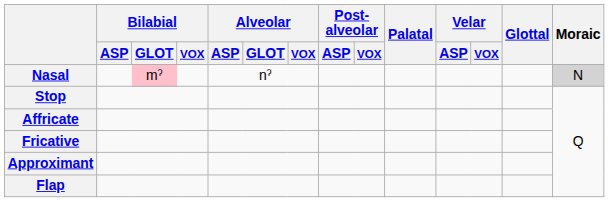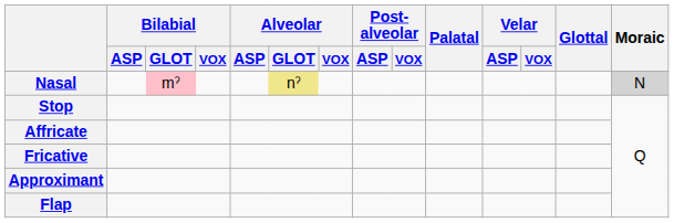 <table class="wikitable" style="text-align: center;">
 <tr>
 <th rowspan="2"></th>
 <th colspan=3><a href='#'>Bilabial</a></th>
 <th colspan=3><a href='#'>Alveolar</a></th>
 <th colspan=2><a href='#'>Post-<br>alveolar</a></th>
 <th rowspan="2"><a href='#'>Palatal</a></th>
 <th colspan=2><a href='#'>Velar</a></th>
 <th rowspan="2"><a href='#'>Glottal</a></th>
 <th rowspan="2">Moraic</th>
 </tr>
 <tr>
 <th><a href='#'>ASP</a></th>
 <th><a href='#'>GLOT</a></th>
 <th><small><a href='#'>VOX</a></small></th>
 <th><a href='#'>ASP</a></th>
 <th><a href='#'>GLOT</a></th>
 <th><small><a href='#'>VOX</a></small></th>
 <th><a href='#'>ASP</a></th>
 <th><small><a href='#'>VOX</a></small></th>
 <th><a href='#'>ASP</a></th>
 <th><small><a href='#'>VOX</a></small></th>
 </tr>
 <tr>
 <th><a href='#'>Nasal</a></th>
 <td width="20px" style="border-right: 0;"></td>
 <td width="20px" style="background: pink; border-left: 0; border-right: 0;">mˀ</td>
 <td width="20px" style="border-left: 0;"></td>
 <td width="20px" style="border-right: 0;"></td>
-<td width="20px" style="border-left: 0; border-right: 0;">nˀ</td>
+<td width="20px" style="background: khaki; border-left: 0; border-right: 0;">nˀ</td>
 <td width="20px" style="border-left: 0;"> </td>
 <td colspan="2"></td>
 <td></td>
 <td colspan="2"></td>
 <td></td>
 <td style="background: lightgrey;">N</td>
 </tr>
 <tr>
 <th><a href='#'>Stop</a></th>
 <td style="border-right: 0;"></td>
 <td style="border-left: 0; border-right: 0"></td>
 <td style="border-left: 0;"></td>
 <td style="border-right: 0;"></td>
 <td style="border-left: 0; border-right: 0"></td>
 <td style="border-left: 0;"></td>
 <td colspan="2"></td>
 <td></td>
 <td width="20px" style="border-right: 0;"></td>
 <td width="20px" style="border-left: 0;"></td>
 <td style="border-right: 0;"></td>
 <td rowspan="5">Q</td>
 </tr>
 <tr>
 <th><a href='#'>Affricate</a></th>
 <td colspan="3"></td>
 <td colspan="3"></td>
 <td style="border-right: 0;"></td>
 <td style="border-left: 0;"></td>
 <td></td>
 <td colspan="2"></td>
 <td></td>
 </tr>
 <tr>
 <th><a href='#'>Fricative</a></th>
 <td colspan="3"></td>
 <td style="border-right: 0;"></td>
 <td style="border-left: 0;border-right: 0;"></td>
 <td style="border-left: 0;"></td>
 <td colspan="2"></td>
 <td></td>
 <td colspan="2"></td>
 <td width="20px" style="border-right: 0;"></td>
 </tr>
 <tr>
 <th><a href='#'>Approximant</a></th>
 <td colspan="3"></td>
 <td colspan="3"></td>
 <td colspan="2"></td>
 <td style="border-left: 0;"></td>
 <td style="border-right: 0;"></td>
 <td style="border-left: 0;"></td>
 <td></td>
 </tr>
 <tr>
 <th><a href='#'>Flap</a></th>
 <td colspan="3"></td>
 <td colspan="3"></td>
 <td style="border-right: 0;"></td>
 <td style="border-left: 0;"></td>
 <td></td>
 <td colspan="2"></td>
 <td></td>
 </tr>
 </table>
